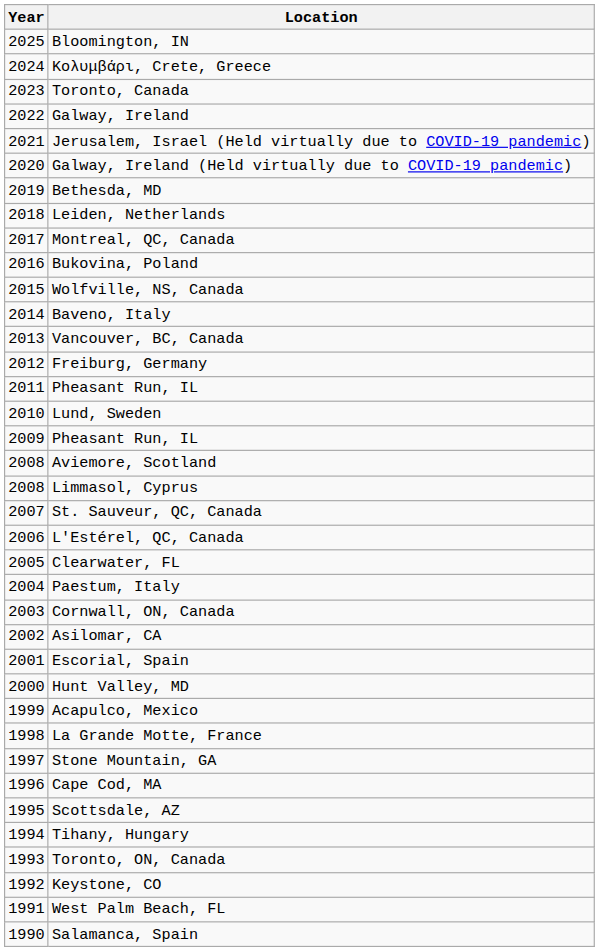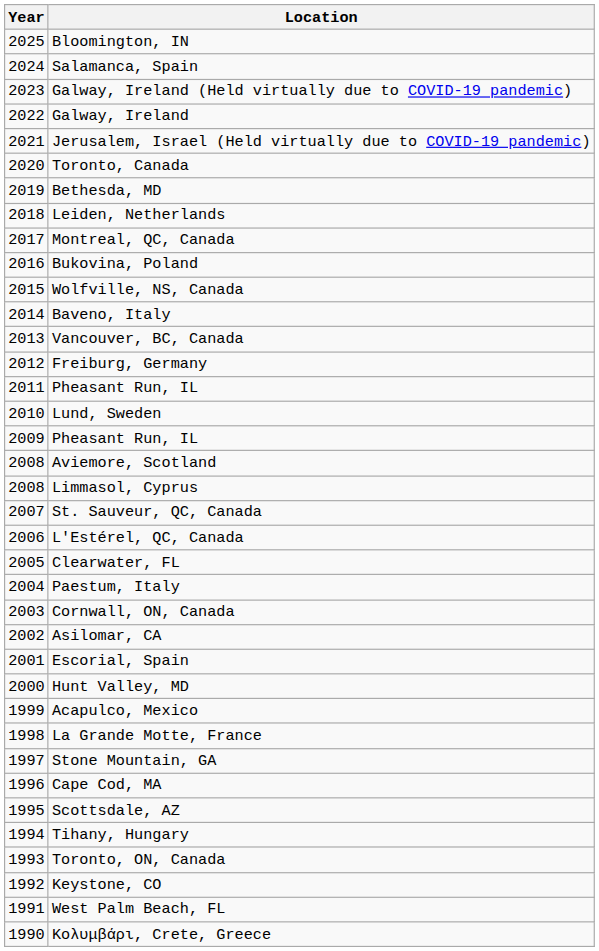 <table class="wikitable">
 <tr>
 <th>Year</th>
 <th>Location</th>
 </tr>
 <tr>
 <td>2025</td>
 <td>Bloomington, IN</td>
 </tr>
 <tr>
 <td>2024</td>
-<td>Κολυμβάρι, Crete, Greece</td>
+<td>Salamanca, Spain</td>
 </tr>
 <tr>
 <td>2023</td>
-<td>Toronto, Canada</td>
+<td>Galway, Ireland (Held virtually due to <a href='#'>COVID-19 pandemic</a>)</td>
 </tr>
 <tr>
 <td>2022</td>
 <td>Galway, Ireland</td>
 </tr>
 <tr>
 <td>2021</td>
 <td>Jerusalem, Israel (Held virtually due to <a href='#'>COVID-19 pandemic</a>)</td>
 </tr>
 <tr>
 <td>2020</td>
-<td>Galway, Ireland (Held virtually due to <a href='#'>COVID-19 pandemic</a>)</td>
+<td>Toronto, Canada</td>
 </tr>
 <tr>
 <td>2019</td>
 <td>Bethesda, MD</td>
 </tr>
 <tr>
 <td>2018</td>
 <td>Leiden, Netherlands</td>
 </tr>
 <tr>
 <td>2017</td>
 <td>Montreal, QC, Canada</td>
 </tr>
 <tr>
 <td>2016</td>
 <td>Bukovina, Poland</td>
 </tr>
 <tr>
 <td>2015</td>
 <td>Wolfville, NS, Canada</td>
 </tr>
 <tr>
 <td>2014</td>
 <td>Baveno, Italy</td>
 </tr>
 <tr>
 <td>2013</td>
 <td>Vancouver, BC, Canada</td>
 </tr>
 <tr>
 <td>2012</td>
 <td>Freiburg, Germany</td>
 </tr>
 <tr>
 <td>2011</td>
 <td>Pheasant Run, IL</td>
 </tr>
 <tr>
 <td>2010</td>
 <td>Lund, Sweden</td>
 </tr>
 <tr>
 <td>2009</td>
 <td>Pheasant Run, IL</td>
 </tr>
 <tr>
 <td>2008</td>
 <td>Aviemore, Scotland</td>
 </tr>
 <tr>
 <td>2008</td>
 <td>Limmasol, Cyprus</td>
 </tr>
 <tr>
 <td>2007</td>
 <td>St. Sauveur, QC, Canada</td>
 </tr>
 <tr>
 <td>2006</td>
 <td>L'Estérel, QC, Canada</td>
 </tr>
 <tr>
 <td>2005</td>
 <td>Clearwater, FL</td>
 </tr>
 <tr>
 <td>2004</td>
 <td>Paestum, Italy</td>
 </tr>
 <tr>
 <td>2003</td>
 <td>Cornwall, ON, Canada</td>
 </tr>
 <tr>
 <td>2002</td>
 <td>Asilomar, CA</td>
 </tr>
 <tr>
 <td>2001</td>
 <td>Escorial, Spain</td>
 </tr>
 <tr>
 <td>2000</td>
 <td>Hunt Valley, MD</td>
 </tr>
 <tr>
 <td>1999</td>
 <td>Acapulco, Mexico</td>
 </tr>
 <tr>
 <td>1998</td>
 <td>La Grande Motte, France</td>
 </tr>
 <tr>
 <td>1997</td>
 <td>Stone Mountain, GA</td>
 </tr>
 <tr>
 <td>1996</td>
 <td>Cape Cod, MA</td>
 </tr>
 <tr>
 <td>1995</td>
 <td>Scottsdale, AZ</td>
 </tr>
 <tr>
 <td>1994</td>
 <td>Tihany, Hungary</td>
 </tr>
 <tr>
 <td>1993</td>
 <td>Toronto, ON, Canada</td>
 </tr>
 <tr>
 <td>1992</td>
 <td>Keystone, CO</td>
 </tr>
 <tr>
 <td>1991</td>
 <td>West Palm Beach, FL</td>
 </tr>
 <tr>
 <td>1990</td>
-<td>Salamanca, Spain</td>
+<td>Κολυμβάρι, Crete, Greece</td>
 </tr>
 </table>
